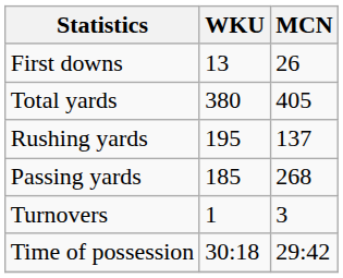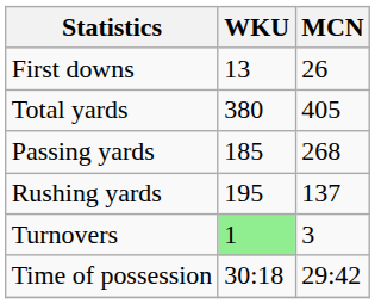 <table class="wikitable" style="float: left;">
 <tr>
 <th>Statistics</th>
 <th>WKU</th>
 <th>MCN</th>
 </tr>
 <tr>
 <td>First downs</td>
 <td>13</td>
 <td>26</td>
 </tr>
 <tr>
 <td>Total yards</td>
 <td>380</td>
 <td>405</td>
 </tr>
 <tr>
+<td>Passing yards</td>
+<td>185</td>
+<td>268</td>
+</tr>
+<tr>
 <td>Rushing yards</td>
 <td>195</td>
 <td>137</td>
 </tr>
 <tr>
-<td>Passing yards</td>
-<td>185</td>
-<td>268</td>
-</tr>
-<tr>
 <td>Turnovers</td>
-<td>1</td>
+<td style="background: lightgreen;">1</td>
 <td>3</td>
 </tr>
 <tr>
 <td>Time of possession</td>
 <td>30:18</td>
 <td>29:42</td>
 </tr>
 <tr>
 </tr>
 </table>
